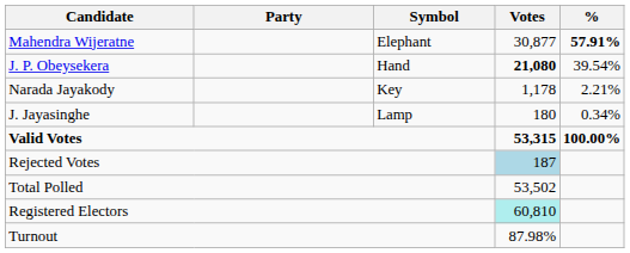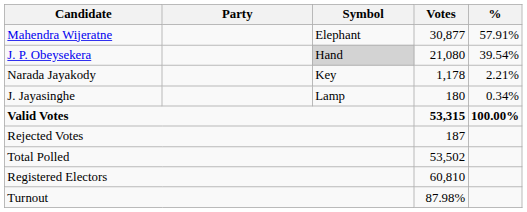 <table class="wikitable" border="1" style="text-align:right;">
 <tr>
 <th align=left width="190">Candidate</th>
 <th align=left width="180">Party</th>
 <th align=left width="120">Symbol</th>
 <th align=left width="60">Votes</th>
 <th align=left width="60">%</th>
 </tr>
 <tr>
 <td align=left><a href='#'>Mahendra Wijeratne</a></td>
 <td></td>
 <td align=left>Elephant</td>
 <td>30,877</td>
-<td><strong>57.91%</strong></td>
+<td>57.91%</td>
 </tr>
 <tr>
 <td align=left><a href='#'>J. P. Obeysekera</a></td>
 <td></td>
-<td align=left>Hand</td>
-<td><strong>21,080</strong></td>
+<td align=left style="background: lightgrey;">Hand</td>
+<td>21,080</td>
 <td>39.54%</td>
 </tr>
 <tr>
 <td align=left>Narada Jayakody</td>
 <td></td>
 <td align=left>Key</td>
 <td>1,178</td>
 <td>2.21%</td>
 </tr>
 <tr>
 <td align=left>J. Jayasinghe</td>
 <td></td>
 <td align=left>Lamp</td>
 <td>180</td>
 <td>0.34%</td>
 </tr>
 <tr>
 <td align=left colspan=3><strong>Valid Votes</strong></td>
 <td><strong>53,315</strong></td>
 <td><strong>100.00%</strong></td>
 </tr>
 <tr>
 <td align=left colspan=3>Rejected Votes</td>
-<td style="background: lightblue;">187</td>
+<td>187</td>
 <td></td>
 </tr>
 <tr>
 <td align=left colspan=3>Total Polled</td>
 <td>53,502</td>
 <td></td>
 </tr>
 <tr>
 <td align=left colspan=3>Registered Electors</td>
-<td style="background: paleturquoise;">60,810</td>
+<td>60,810</td>
 <td></td>
 </tr>
 <tr>
 <td align=left colspan=3>Turnout</td>
 <td>87.98%</td>
 </tr>
 </table>
